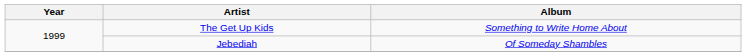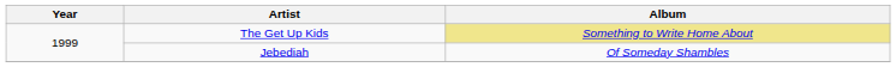 <table class="wikitable" style="margin:auto; text-align:center;" width="75%">
 <tr>
 <th scope="col" style="width:50px;">Year</th>
 <th scope="col" style="width:150px;">Artist</th>
 <th scope="col" style="width:210px;">Album</th>
 </tr>
 <tr>
 <td rowspan="2">1999</td>
 <td><a href='#'>The Get Up Kids</a></td>
-<td><em><a href='#'>Something to Write Home About</a></em></td>
+<td style="background: khaki;"><em><a href='#'>Something to Write Home About</a></em></td>
 </tr>
 <tr>
 <td><a href='#'>Jebediah</a></td>
 <td><em><a href='#'>Of Someday Shambles</a></em></td>
 </tr>
 <tr>
 </tr>
 </table>
